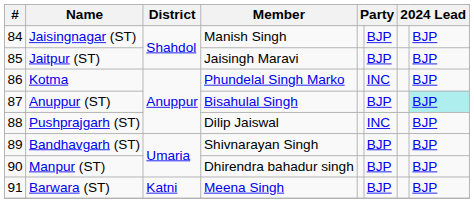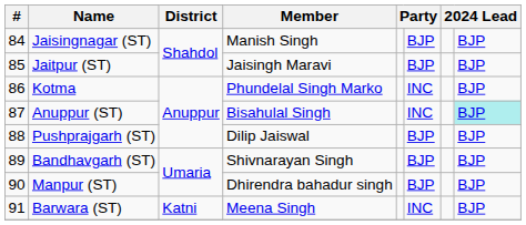 <table class="wikitable sortable">
 <tr>
 <th>#</th>
 <th>Name</th>
 <th>District</th>
 <th>Member</th>
 <th colspan="2">Party</th>
 <th colspan="2">2024 Lead</th>
 </tr>
 <tr>
 <td>84</td>
 <td><a href='#'>Jaisingnagar</a> (ST)</td>
 <td rowspan="2"><a href='#'>Shahdol</a></td>
 <td>Manish Singh</td>
 <td style="background-color: "></td>
 <td><a href='#'>BJP</a></td>
 <td style="background-color: "></td>
 <td><a href='#'>BJP</a></td>
 </tr>
 <tr>
 <td>85</td>
 <td><a href='#'>Jaitpur</a> (ST)</td>
 <td>Jaisingh Maravi</td>
 <td style="background-color: "></td>
 <td><a href='#'>BJP</a></td>
 <td style="background-color: "></td>
 <td><a href='#'>BJP</a></td>
 </tr>
 <tr>
 <td>86</td>
 <td><a href='#'>Kotma</a></td>
 <td rowspan="3"><a href='#'>Anuppur</a></td>
 <td><a href='#'>Phundelal Singh Marko</a></td>
 <td style="background-color: "></td>
 <td><a href='#'>INC</a></td>
 <td style="background-color: "></td>
 <td><a href='#'>BJP</a></td>
 </tr>
 <tr>
 <td>87</td>
 <td><a href='#'>Anuppur</a> (ST)</td>
 <td><a href='#'>Bisahulal Singh</a></td>
 <td style="background-color: "></td>
-<td><a href='#'>BJP</a></td>
+<td><a href='#'>INC</a></td>
 <td style="background-color: "></td>
 <td style="background: paleturquoise;"><a href='#'>BJP</a></td>
 </tr>
 <tr>
 <td>88</td>
 <td><a href='#'>Pushprajgarh</a> (ST)</td>
 <td>Dilip Jaiswal</td>
 <td style="background-color: "></td>
-<td><a href='#'>INC</a></td>
+<td><a href='#'>BJP</a></td>
 <td style="background-color: "></td>
 <td><a href='#'>BJP</a></td>
 </tr>
 <tr>
 <td>89</td>
 <td><a href='#'>Bandhavgarh</a> (ST)</td>
 <td rowspan="2"><a href='#'>Umaria</a></td>
 <td>Shivnarayan Singh</td>
 <td style="background-color: "></td>
 <td><a href='#'>BJP</a></td>
 <td style="background-color: "></td>
 <td><a href='#'>BJP</a></td>
 </tr>
 <tr>
 <td>90</td>
 <td><a href='#'>Manpur</a> (ST)</td>
 <td>Dhirendra bahadur singh</td>
 <td style="background-color: "></td>
 <td><a href='#'>BJP</a></td>
 <td style="background-color: "></td>
 <td><a href='#'>BJP</a></td>
 </tr>
 <tr>
 <td>91</td>
 <td><a href='#'>Barwara</a> (ST)</td>
 <td><a href='#'>Katni</a></td>
 <td><a href='#'>Meena Singh</a></td>
 <td style="background-color: "></td>
-<td><a href='#'>BJP</a></td>
+<td><a href='#'>INC</a></td>
 <td style="background-color: "></td>
 <td><a href='#'>BJP</a></td>
 </tr>
 <tr>
 </tr>
 </table>
